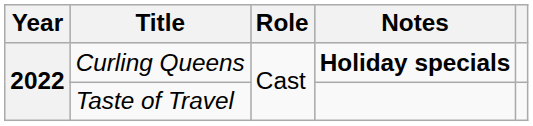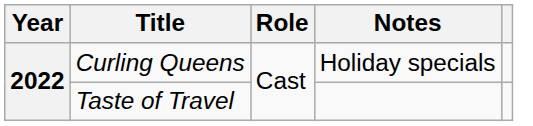 <table class="wikitable plainrowheaders">
 <tr>
 <th scope="col">Year</th>
 <th scope="col">Title</th>
 <th scope="col">Role</th>
 <th scope="col">Notes</th>
 <th scope="col" class="unsortable"></th>
 </tr>
 <tr>
 <th scope="row"  rowspan=2>2022</th>
 <td><em>Curling Queens</em></td>
 <td rowspan=2>Cast</td>
-<td><strong>Holiday specials</strong></td>
+<td>Holiday specials</td>
 <td></td>
 </tr>
 <tr>
 <td><em>Taste of Travel</em></td>
 <td></td>
 <td></td>
 </tr>
 </table>
